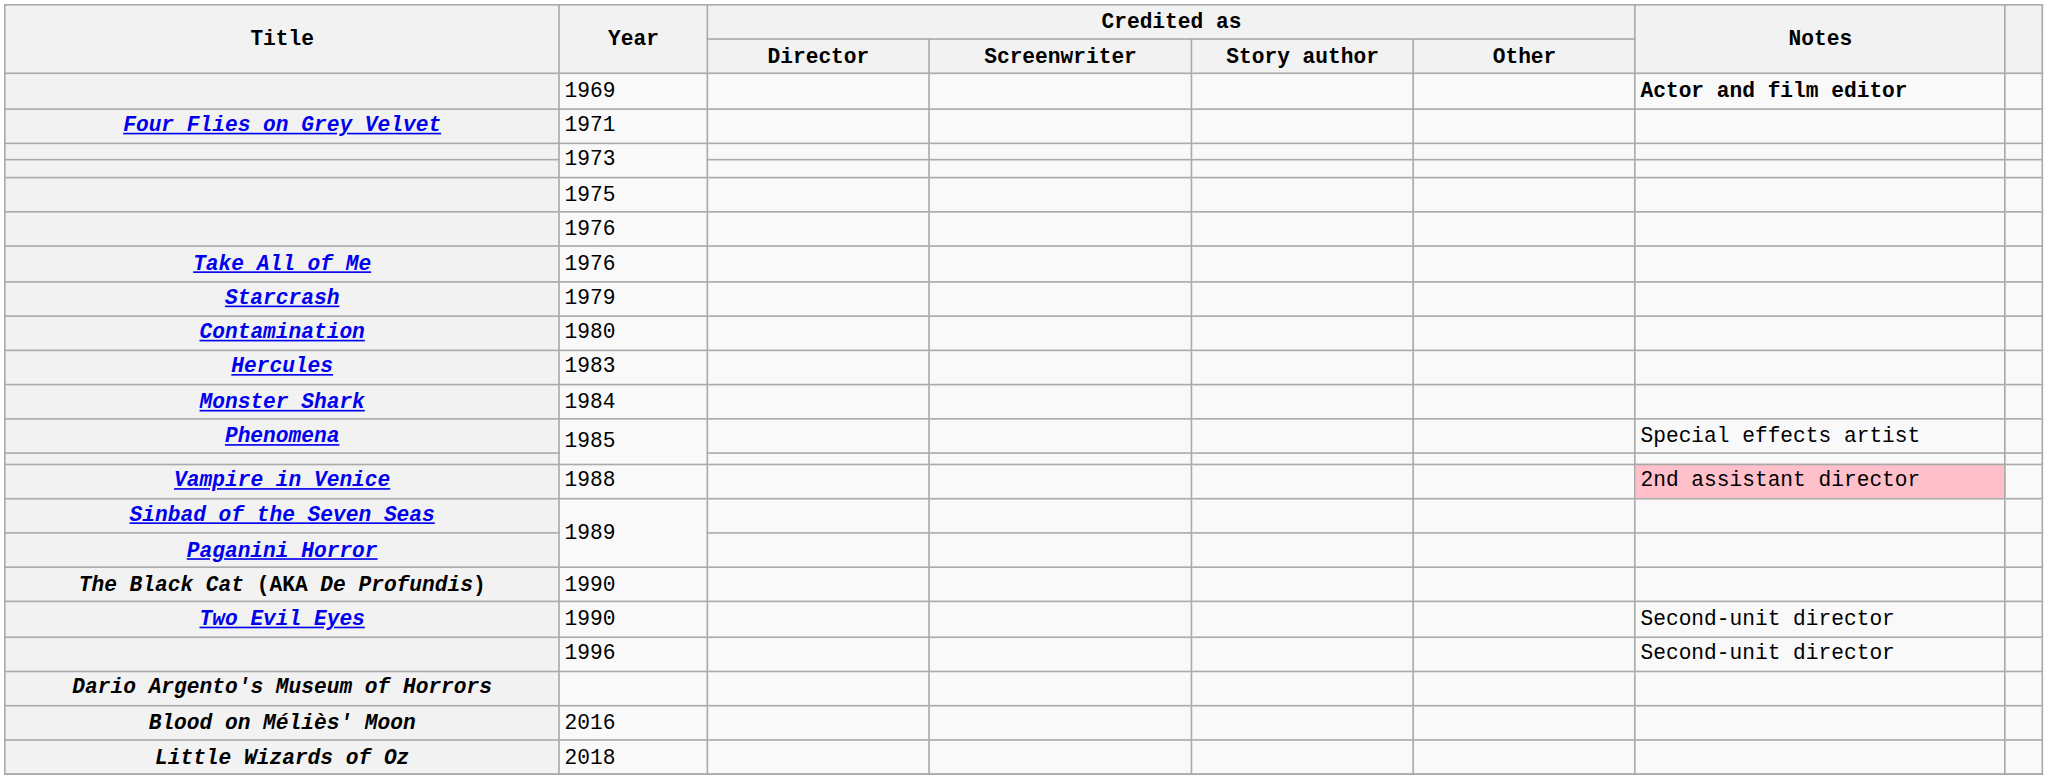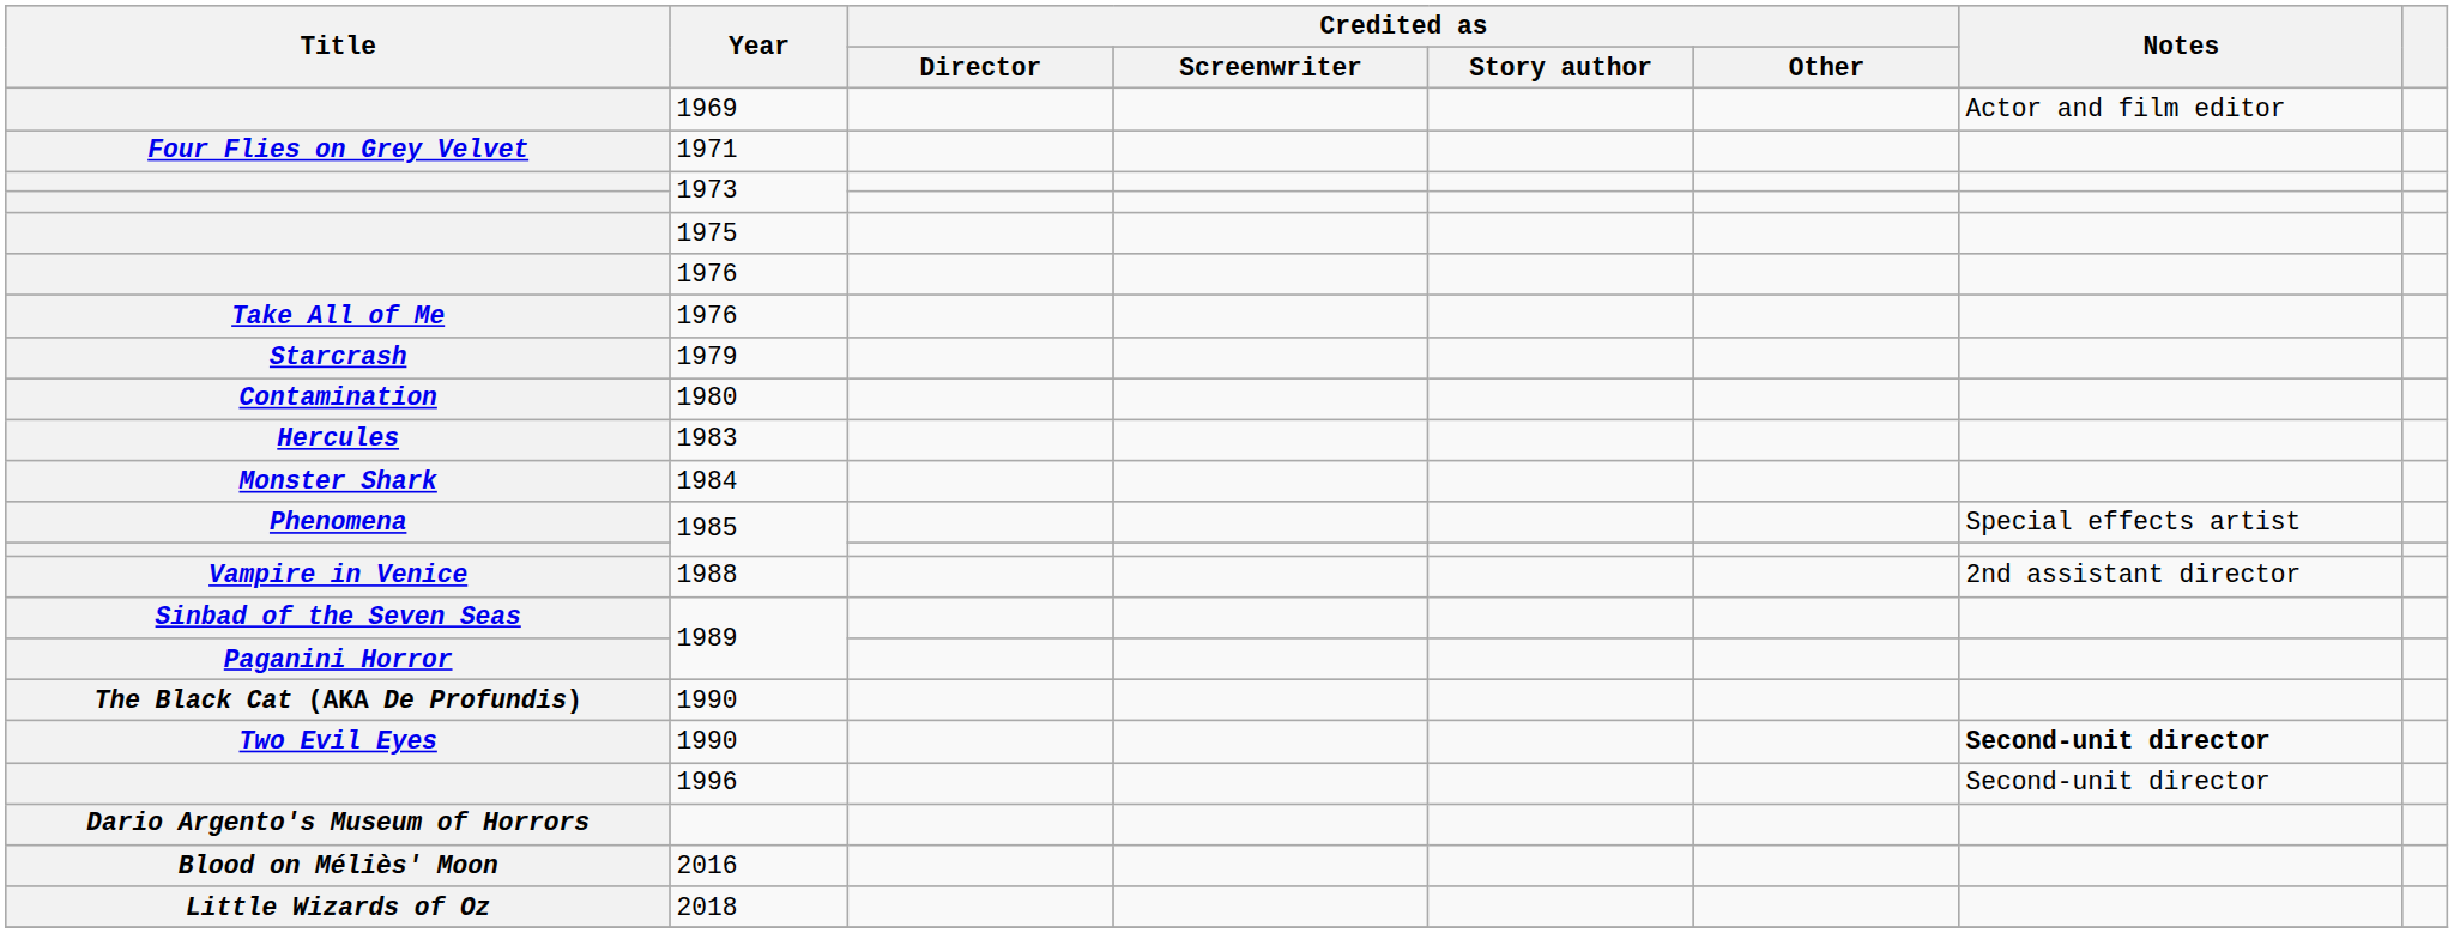 <table class="wikitable sortable plainrowheaders">
 <tr>
 <th width="15%" rowspan="2" scope="col">Title</th>
 <th width="4%" rowspan="2" scope="col">Year</th>
 <th colspan="4" scope="col">Credited as</th>
 <th width="10%" rowspan="2" scope="col" class="unsortable">Notes</th>
 <th width="1%" rowspan="2" scope="col" class="unsortable"></th>
 </tr>
 <tr>
 <th width=6%>Director</th>
 <th width=6%>Screenwriter</th>
 <th width=6%>Story author</th>
 <th width=6%>Other</th>
 </tr>
 <tr>
 <th scope="row"></th>
 <td>1969</td>
 <td></td>
 <td></td>
 <td></td>
 <td></td>
-<td><strong>Actor and film editor</strong></td>
+<td>Actor and film editor</td>
 <td style="text-align:center;"></td>
 </tr>
 <tr>
 <th scope="row"><em><a href='#'>Four Flies on Grey Velvet</a></em></th>
 <td>1971</td>
 <td></td>
 <td></td>
 <td></td>
 <td></td>
 <td></td>
 <td style="text-align:center;"></td>
 </tr>
 <tr>
 <th scope="row"></th>
 <td rowspan="2">1973</td>
 <td></td>
 <td></td>
 <td></td>
 <td></td>
 <td></td>
 <td style="text-align:center;"></td>
 </tr>
 <tr>
 <th scope="row"></th>
 <td></td>
 <td></td>
 <td></td>
 <td></td>
 <td></td>
 <td style="text-align:center;"></td>
 </tr>
 <tr>
 <th scope="row"></th>
 <td>1975</td>
 <td></td>
 <td></td>
 <td></td>
 <td></td>
 <td></td>
 <td style="text-align:center;"></td>
 </tr>
 <tr>
 <th scope="row"></th>
 <td>1976</td>
 <td></td>
 <td></td>
 <td></td>
 <td></td>
 <td></td>
 <td style="text-align:center;"></td>
 </tr>
 <tr>
 <th scope="row"><em><a href='#'>Take All of Me</a></em></th>
 <td>1976</td>
 <td></td>
 <td></td>
 <td></td>
 <td></td>
 <td></td>
 <td style="text-align:center;"></td>
 </tr>
 <tr>
 <th scope="row"><em><a href='#'>Starcrash</a></em></th>
 <td>1979</td>
 <td></td>
 <td></td>
 <td></td>
 <td></td>
 <td></td>
 <td style="text-align:center;"></td>
 </tr>
 <tr>
 <th scope="row"><em><a href='#'>Contamination</a></em></th>
 <td>1980</td>
 <td></td>
 <td></td>
 <td></td>
 <td></td>
 <td></td>
 <td style="text-align:center;"></td>
 </tr>
 <tr>
 <th scope="row"><em><a href='#'>Hercules</a></em></th>
 <td>1983</td>
 <td></td>
 <td></td>
 <td></td>
 <td></td>
 <td></td>
 <td style="text-align:center;"></td>
 </tr>
 <tr>
 <th scope="row"><em><a href='#'>Monster Shark</a></em></th>
 <td>1984</td>
 <td></td>
 <td></td>
 <td></td>
 <td></td>
 <td></td>
 <td style="text-align:center;"></td>
 </tr>
 <tr>
 <th scope="row"><em><a href='#'>Phenomena</a></em></th>
 <td rowspan="2">1985</td>
 <td></td>
 <td></td>
 <td></td>
 <td></td>
 <td>Special effects artist</td>
 <td style="text-align:center;"></td>
 </tr>
 <tr>
 <th scope="row"></th>
 <td></td>
 <td></td>
 <td></td>
 <td></td>
 <td></td>
 <td style="text-align:center;"></td>
 </tr>
 <tr>
 <th scope="row"><em><a href='#'>Vampire in Venice</a></em></th>
 <td>1988</td>
 <td></td>
 <td></td>
 <td></td>
 <td></td>
-<td style="background: pink;">2nd assistant director</td>
+<td>2nd assistant director</td>
 <td style="text-align:center;"></td>
 </tr>
 <tr>
 <th scope="row"><em><a href='#'>Sinbad of the Seven Seas</a></em></th>
 <td rowspan="2">1989</td>
 <td></td>
 <td></td>
 <td></td>
 <td></td>
 <td></td>
 <td style="text-align:center;"></td>
 </tr>
 <tr>
 <th scope="row"><em><a href='#'>Paganini Horror</a></em></th>
 <td></td>
 <td></td>
 <td></td>
 <td></td>
 <td></td>
 <td style="text-align:center;"></td>
 </tr>
 <tr>
 <th scope="row"><em>The Black Cat</em> (AKA <em>De Profundis</em>)</th>
 <td>1990</td>
 <td></td>
 <td></td>
 <td></td>
 <td></td>
 <td></td>
 <td style="text-align:center;"></td>
 </tr>
 <tr>
 <th scope="row"><em><a href='#'>Two Evil Eyes</a></em></th>
 <td>1990</td>
 <td></td>
 <td></td>
 <td></td>
 <td></td>
-<td>Second-unit director</td>
+<td><strong>Second-unit director</strong></td>
 <td style="text-align:center;"></td>
 </tr>
 <tr>
 <th scope="row"></th>
 <td>1996</td>
 <td></td>
 <td></td>
 <td></td>
 <td></td>
 <td>Second-unit director</td>
 <td style="text-align:center;"></td>
 </tr>
 <tr>
 <th scope="row"><em>Dario Argento's Museum of Horrors</em></th>
 <td></td>
 <td></td>
 <td></td>
 <td></td>
 <td></td>
 <td></td>
 <td style="text-align:center;"></td>
 </tr>
 <tr>
 <th scope="row"><em>Blood on Méliès' Moon</em></th>
 <td>2016</td>
 <td></td>
 <td></td>
 <td></td>
 <td></td>
 <td></td>
 <td style="text-align:center;"></td>
 </tr>
 <tr>
 <th scope="row"><em>Little Wizards of Oz</em></th>
 <td>2018</td>
 <td></td>
 <td></td>
 <td></td>
 <td></td>
 <td></td>
 <td style="text-align:center;"></td>
 </tr>
 <tr>
 </tr>
 </table>
